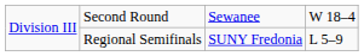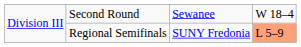 <table class="wikitable">
 <tr>
 <td rowspan="5"><a href='#'>Division III</a></td>
 <td>Second Round</td>
 <td><a href='#'>Sewanee</a></td>
 <td>W 18–4</td>
 </tr>
 <tr>
 <td>Regional Semifinals</td>
 <td><a href='#'>SUNY Fredonia</a></td>
-<td>L 5–9</td>
+<td style="background: lightsalmon;">L 5–9</td>
 </tr>
 </table>
